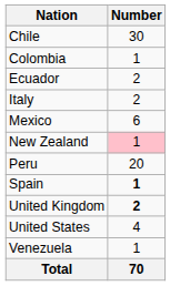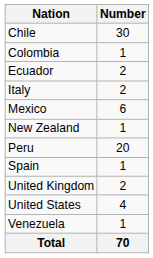 <table class="sortable wikitable" style="font-size:85%; margin:0 0 0.5em 1em; float:right;">
 <tr>
 <th>Nation</th>
 <th>Number</th>
 </tr>
 <tr>
 <td>Chile</td>
 <td style="text-align:center;">30</td>
 </tr>
 <tr>
 <td>Colombia</td>
 <td style="text-align:center;">1</td>
 </tr>
 <tr>
 <td>Ecuador</td>
 <td style="text-align:center;">2</td>
 </tr>
 <tr>
 <td>Italy</td>
 <td style="text-align:center;">2</td>
 </tr>
 <tr>
 <td>Mexico</td>
 <td style="text-align:center;">6</td>
 </tr>
 <tr>
 <td>New Zealand</td>
-<td style="background: pink; text-align:center;">1</td>
+<td style="text-align:center;">1</td>
 </tr>
 <tr>
 <td>Peru</td>
 <td style="text-align:center;">20</td>
 </tr>
 <tr>
 <td>Spain</td>
-<td style="text-align:center;"><strong>1</strong></td>
+<td style="text-align:center;">1</td>
 </tr>
 <tr>
 <td>United Kingdom</td>
-<td style="text-align:center;"><strong>2</strong></td>
+<td style="text-align:center;">2</td>
 </tr>
 <tr>
 <td>United States</td>
 <td style="text-align:center;">4</td>
 </tr>
 <tr>
 <td>Venezuela</td>
 <td style="text-align:center;">1</td>
 </tr>
 <tr style="font-weight:bold">
 <th>Total</th>
 <th style="text-align:center;">70</th>
 </tr>
 </table>
